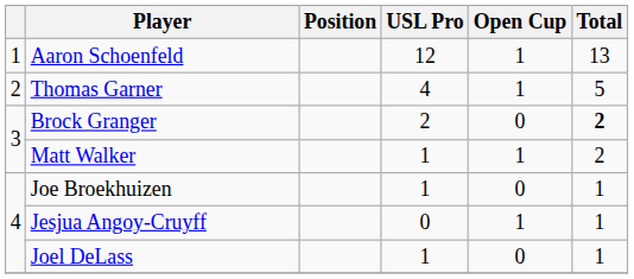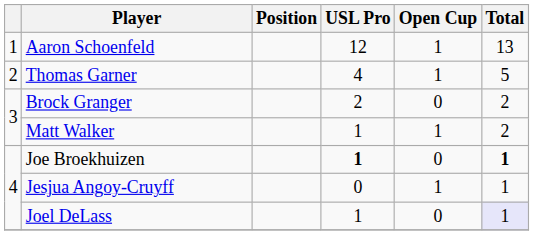 <table class="wikitable">
 <tr>
 <th></th>
 <th style="width:200px;">Player</th>
 <th>Position</th>
 <th>USL Pro</th>
 <th>Open Cup</th>
 <th>Total</th>
 </tr>
 <tr>
 <td align=center rowspan=1>1</td>
 <td> <a href='#'>Aaron Schoenfeld</a></td>
 <td align=center></td>
 <td align=center>12</td>
 <td align=center>1</td>
 <td align=center>13</td>
 </tr>
 <tr>
 <td align=center rowspan=1>2</td>
 <td> <a href='#'>Thomas Garner</a></td>
 <td align=center></td>
 <td align=center>4</td>
 <td align=center>1</td>
 <td align=center>5</td>
 </tr>
 <tr>
 <td align=center rowspan=2>3</td>
 <td> <a href='#'>Brock Granger</a></td>
 <td align=center></td>
 <td align=center>2</td>
 <td align=center>0</td>
-<td align=center><strong>2</strong></td>
+<td align=center>2</td>
 </tr>
 <tr>
 <td> <a href='#'>Matt Walker</a></td>
 <td align=center></td>
 <td align=center>1</td>
 <td align=center>1</td>
 <td align=center>2</td>
 </tr>
 <tr>
 <td align=center rowspan=3>4</td>
 <td> Joe Broekhuizen</td>
 <td align=center></td>
-<td align=center>1</td>
+<td align=center><strong>1</strong></td>
 <td align=center>0</td>
-<td align=center>1</td>
+<td align=center><strong>1</strong></td>
 </tr>
 <tr>
 <td> <a href='#'>Jesjua Angoy-Cruyff</a></td>
 <td align=center></td>
 <td align=center>0</td>
 <td align=center>1</td>
 <td align=center>1</td>
 </tr>
 <tr>
 <td> <a href='#'>Joel DeLass</a></td>
 <td align=center></td>
 <td align=center>1</td>
 <td align=center>0</td>
-<td align=center>1</td>
+<td align=center style="background: lavender;">1</td>
 </tr>
 <tr>
 </tr>
 </table>
